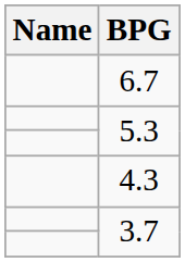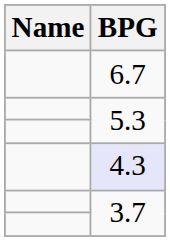 <table class=wikitable>
 <tr>
 <th>Name</th>
 <th>BPG</th>
 </tr>
 <tr>
 <td></td>
 <td align=center>6.7</td>
 </tr>
 <tr>
 <td></td>
 <td align=center rowspan=2>5.3</td>
 </tr>
 <tr>
 <td></td>
 </tr>
 <tr>
 <td></td>
-<td align=center>4.3</td>
+<td align=center style="background: lavender;">4.3</td>
 </tr>
 <tr>
 <td></td>
 <td align=center rowspan=2>3.7</td>
 </tr>
 <tr>
 <td></td>
 </tr>
 </table>
